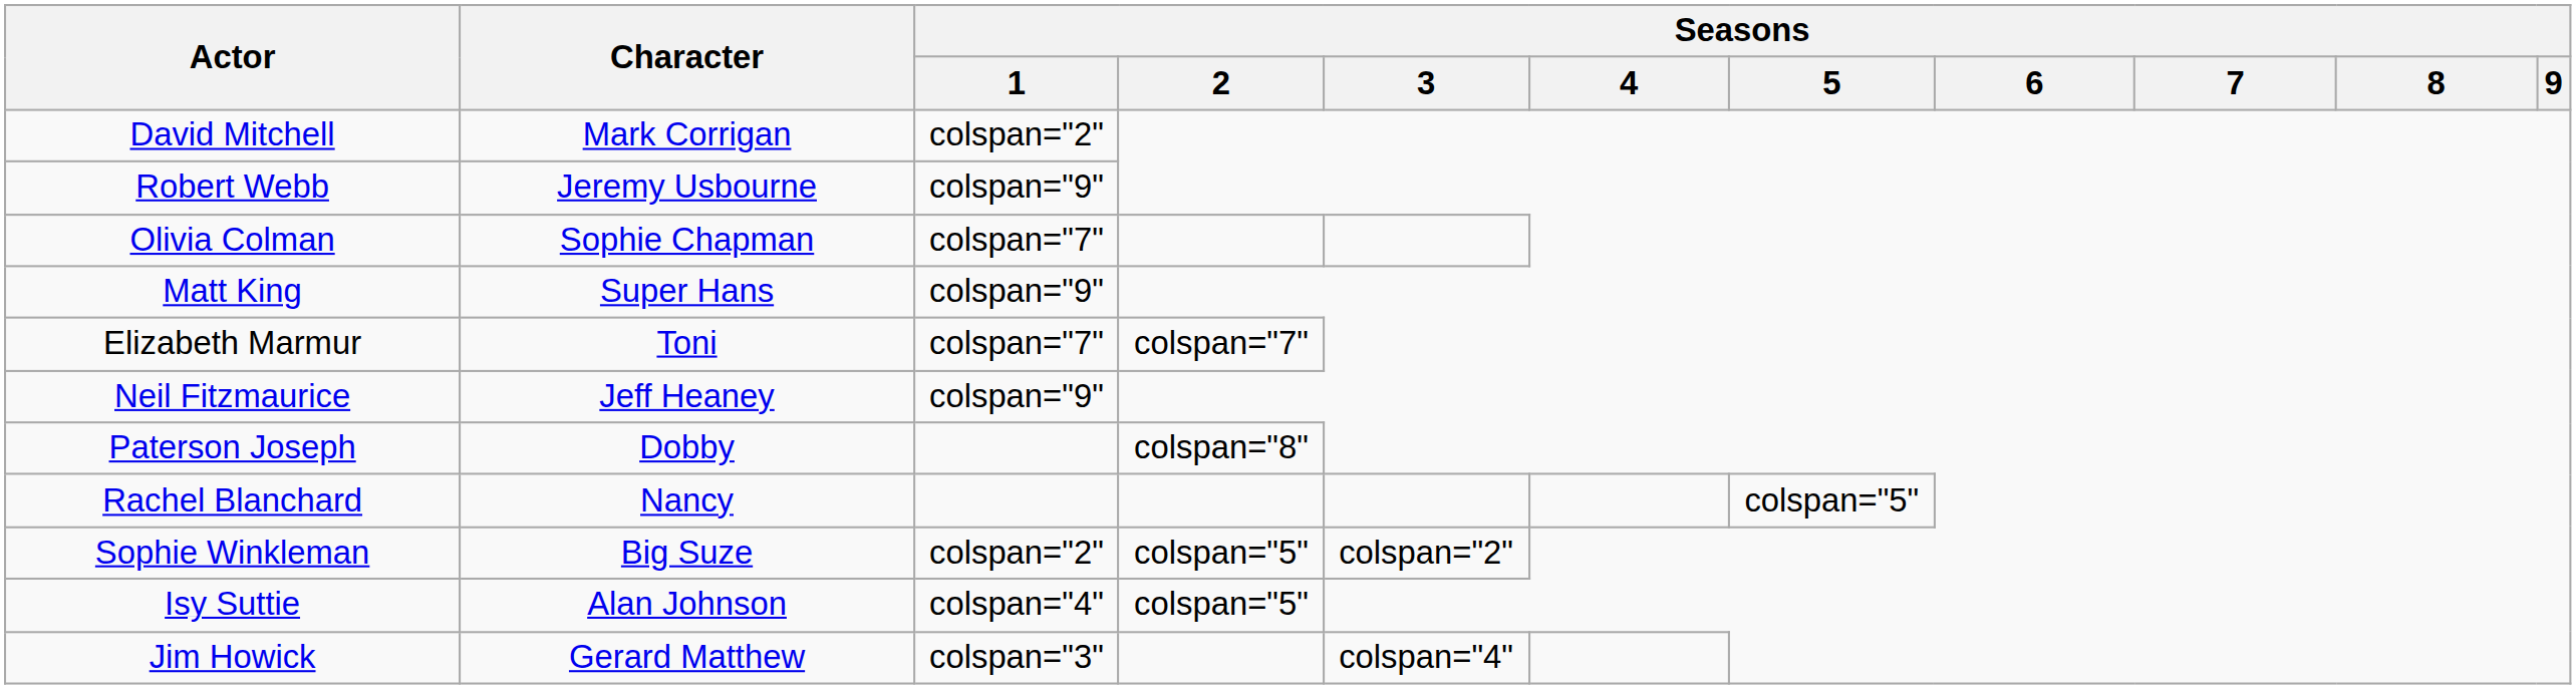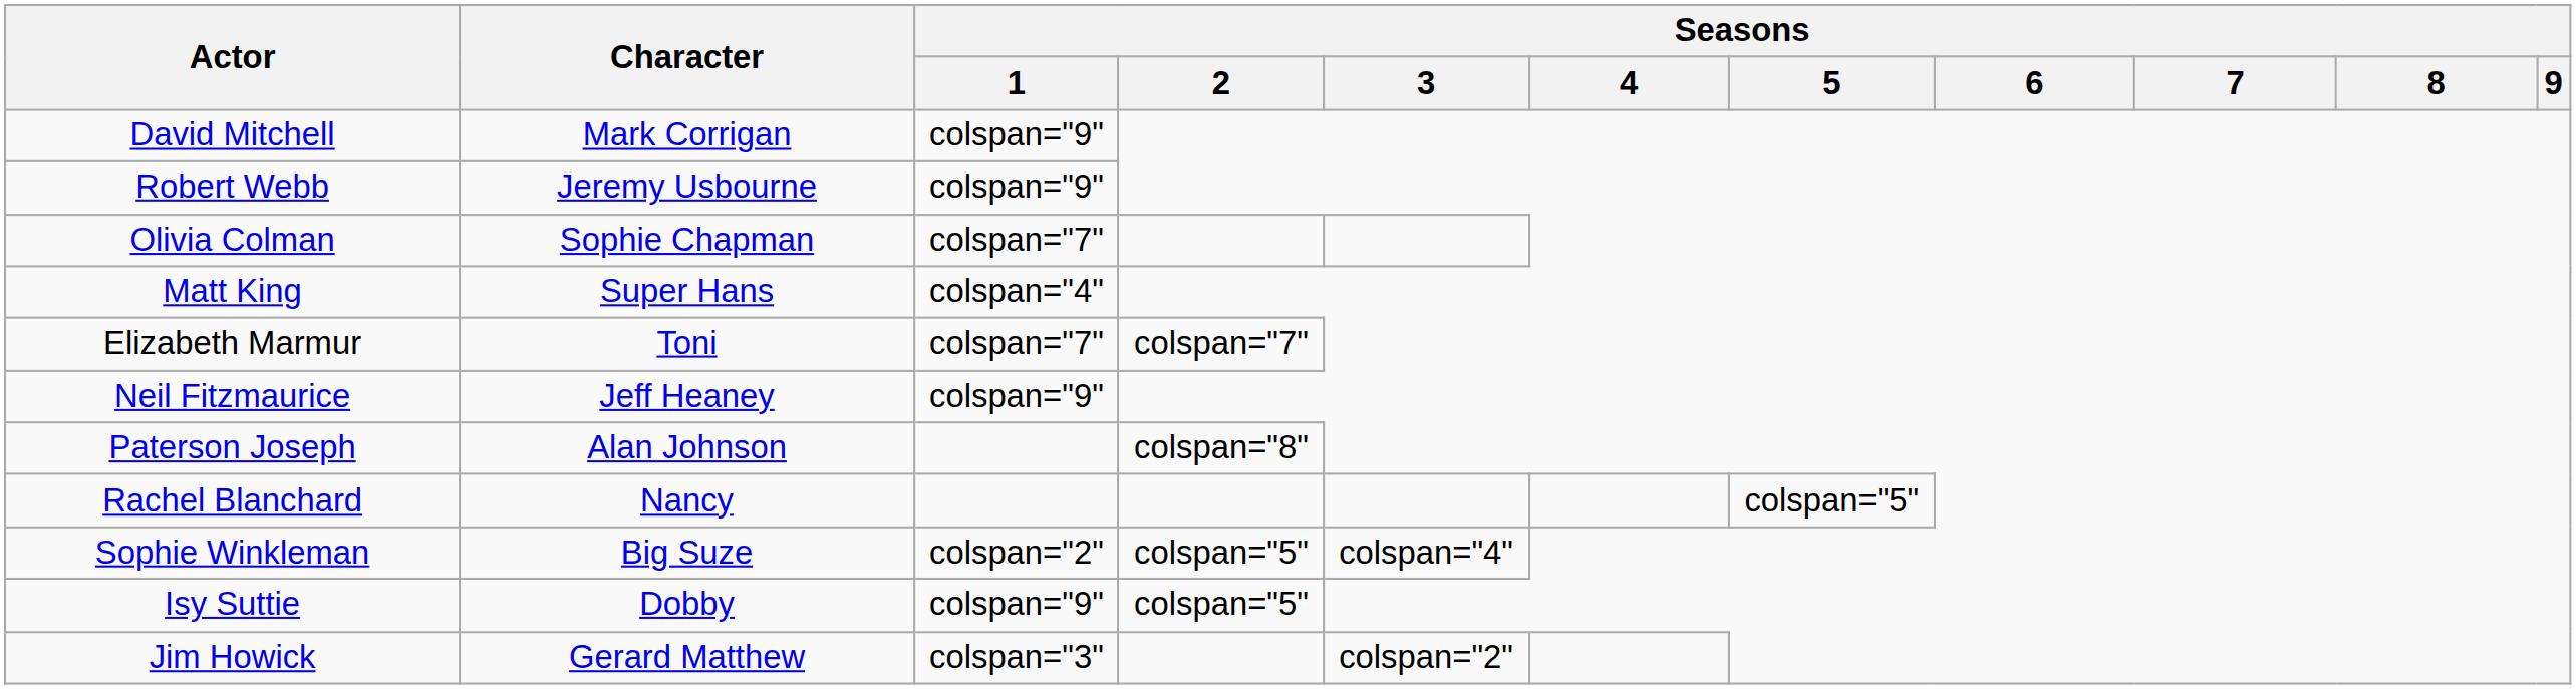 <table class="wikitable" style="text-align:center">
 <tr>
 <th rowspan="2" style="width:18%;">Actor</th>
 <th rowspan="2" style="width:18%;">Character</th>
 <th colspan="9">Seasons</th>
 </tr>
 <tr>
 <th style="width:8%;">1</th>
 <th style="width:8%;">2</th>
 <th style="width:8%;">3</th>
 <th style="width:8%;">4</th>
 <th style="width:8%;">5</th>
 <th style="width:8%;">6</th>
 <th style="width:8%;">7</th>
 <th style="width:8%;">8</th>
 <th style="width:8%;">9</th>
 </tr>
 <tr>
 <td><a href='#'>David Mitchell</a></td>
 <td><a href='#'>Mark Corrigan</a></td>
-<td>colspan="2" </td>
+<td>colspan="9" </td>
 </tr>
 <tr>
 <td><a href='#'>Robert Webb</a></td>
 <td><a href='#'>Jeremy Usbourne</a></td>
 <td>colspan="9" </td>
 </tr>
 <tr>
 <td><a href='#'>Olivia Colman</a></td>
 <td><a href='#'>Sophie Chapman</a></td>
 <td>colspan="7" </td>
 <td></td>
 <td></td>
 </tr>
 <tr>
 <td><a href='#'>Matt King</a></td>
 <td><a href='#'>Super Hans</a></td>
-<td>colspan="9" </td>
+<td>colspan="4" </td>
 </tr>
 <tr>
 <td>Elizabeth Marmur</td>
 <td><a href='#'>Toni</a></td>
 <td>colspan="7" </td>
 <td>colspan="7" </td>
 </tr>
 <tr>
 <td><a href='#'>Neil Fitzmaurice</a></td>
 <td><a href='#'>Jeff Heaney</a></td>
 <td>colspan="9" </td>
 </tr>
 <tr>
 <td><a href='#'>Paterson Joseph</a></td>
-<td><a href='#'>Dobby</a></td>
+<td><a href='#'>Alan Johnson</a></td>
 <td></td>
 <td>colspan="8" </td>
 </tr>
 <tr>
 <td><a href='#'>Rachel Blanchard</a></td>
 <td><a href='#'>Nancy</a></td>
 <td></td>
 <td></td>
 <td></td>
 <td></td>
 <td>colspan="5" </td>
 </tr>
 <tr>
 <td><a href='#'>Sophie Winkleman</a></td>
 <td><a href='#'>Big Suze</a></td>
 <td>colspan="2" </td>
 <td>colspan="5" </td>
-<td>colspan="2" </td>
+<td>colspan="4" </td>
 </tr>
 <tr>
 <td><a href='#'>Isy Suttie</a></td>
-<td><a href='#'>Alan Johnson</a></td>
-<td>colspan="4" </td>
+<td><a href='#'>Dobby</a></td>
+<td>colspan="9" </td>
 <td>colspan="5" </td>
 </tr>
 <tr>
 <td><a href='#'>Jim Howick</a></td>
 <td><a href='#'>Gerard Matthew</a></td>
 <td>colspan="3" </td>
 <td></td>
-<td>colspan="4" </td>
+<td>colspan="2" </td>
 <td></td>
 </tr>
 </table>
